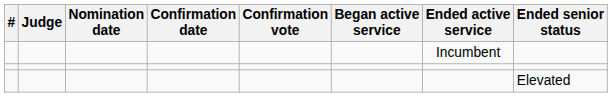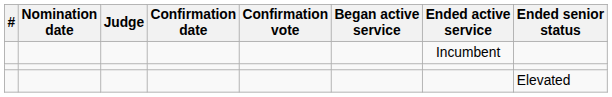 <table class="sortable wikitable">
 <tr bgcolor="#ececec">
 <th>#</th>
+<th>Nomination<br>date</th>
 <th>Judge</th>
-<th>Nomination<br>date</th>
 <th>Confirmation<br>date</th>
 <th>Confirmation<br>vote</th>
 <th>Began active<br>service</th>
 <th>Ended active<br>service</th>
 <th>Ended senior<br>status</th>
 </tr>
 <tr>
 <td></td>
 <td></td>
 <td></td>
 <td></td>
 <td align="center"></td>
 <td></td>
 <td align="center">Incumbent</td>
 <td align="center"></td>
 </tr>
 <tr>
 <td></td>
 <td></td>
 <td></td>
 <td></td>
 <td align="center"></td>
 <td></td>
 <td></td>
 <td align="center"></td>
 </tr>
 <tr>
 <td></td>
 <td></td>
 <td></td>
 <td></td>
 <td align="center"></td>
 <td></td>
 <td></td>
 <td>Elevated</td>
 </tr>
 </table>
